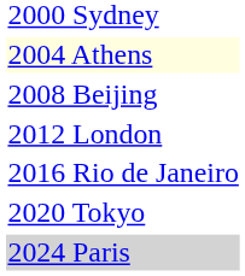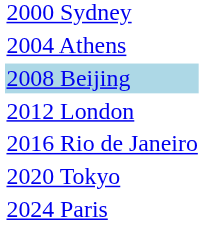 <table>
 <tr>
 <td><a href='#'>2000 Sydney</a><br></td>
 <td></td>
 <td></td>
 <td></td>
 </tr>
 <tr>
-<td style="background: lightyellow;"><a href='#'>2004 Athens</a><br></td>
+<td><a href='#'>2004 Athens</a><br></td>
 <td></td>
 <td></td>
 <td></td>
 </tr>
 <tr>
-<td><a href='#'>2008 Beijing</a><br></td>
+<td style="background: lightblue;"><a href='#'>2008 Beijing</a><br></td>
 <td></td>
 <td></td>
 <td></td>
 </tr>
 <tr>
 <td><a href='#'>2012 London</a><br></td>
 <td></td>
 <td></td>
 <td></td>
 </tr>
 <tr>
 <td><a href='#'>2016 Rio de Janeiro</a><br></td>
 <td></td>
 <td></td>
 <td></td>
 </tr>
 <tr>
 <td><a href='#'>2020 Tokyo</a><br></td>
 <td></td>
 <td></td>
 <td></td>
 </tr>
 <tr>
-<td style="background: lightgrey;"><a href='#'>2024 Paris</a><br></td>
+<td><a href='#'>2024 Paris</a><br></td>
 <td></td>
 <td></td>
 <td></td>
 </tr>
 </table>
